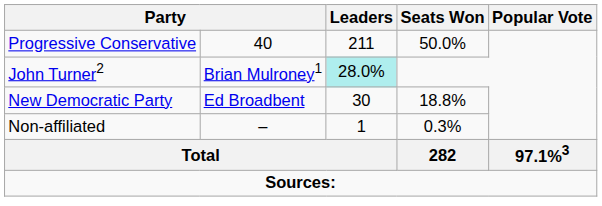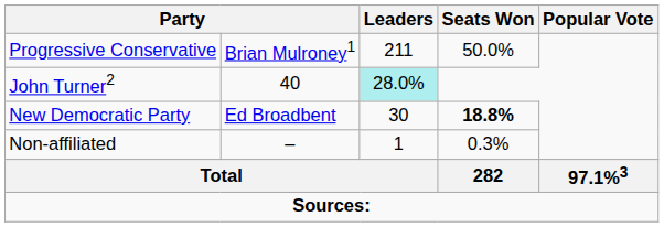 <table class="wikitable">
 <tr>
 <th colspan="2">Party</th>
 <th>Leaders</th>
 <th>Seats Won</th>
 <th>Popular Vote</th>
 </tr>
 <tr>
 <td><a href='#'>Progressive Conservative</a></td>
-<td align=center>40</td>
+<td><a href='#'>Brian Mulroney</a><sup>1</sup></td>
 <td align=center>211</td>
 <td align=center>50.0%</td>
 </tr>
 <tr>
 <td><a href='#'>John Turner</a><sup>2</sup></td>
-<td><a href='#'>Brian Mulroney</a><sup>1</sup></td>
+<td align=center>40</td>
 <td align=center style="background: paleturquoise;">28.0%</td>
 </tr>
 <tr>
 <td><a href='#'>New Democratic Party</a></td>
 <td><a href='#'>Ed Broadbent</a></td>
 <td align=center>30</td>
-<td align=center>18.8%</td>
+<td align=center><strong>18.8%</strong></td>
 </tr>
 <tr>
 <td>Non-affiliated</td>
 <td align=center>–</td>
 <td align=center>1</td>
 <td align=center>0.3%</td>
 </tr>
 <tr>
 <th colspan=3>Total</th>
 <th>282</th>
 <th>97.1%<sup>3</sup></th>
 </tr>
 <tr>
 <td align="center" colspan=5><strong>Sources:</strong> </td>
 </tr>
 </table>
